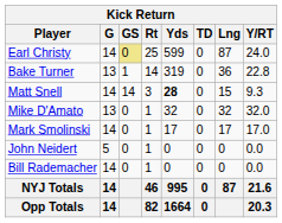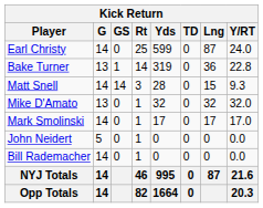 <table class="wikitable">
 <tr>
 <th colspan="8">Kick Return</th>
 </tr>
 <tr>
 <th>Player</th>
 <th>G</th>
 <th>GS</th>
 <th>Rt</th>
 <th>Yds</th>
 <th>TD</th>
 <th>Lng</th>
 <th>Y/RT</th>
 </tr>
 <tr>
 <td><a href='#'>Earl Christy</a></td>
 <td>14</td>
-<td style="background: khaki;">0</td>
+<td>0</td>
 <td>25</td>
 <td>599</td>
 <td>0</td>
 <td>87</td>
 <td>24.0</td>
 </tr>
 <tr>
 <td><a href='#'>Bake Turner</a></td>
 <td>13</td>
 <td>1</td>
 <td>14</td>
 <td>319</td>
 <td>0</td>
 <td>36</td>
 <td>22.8</td>
 </tr>
 <tr>
 <td><a href='#'>Matt Snell</a></td>
 <td>14</td>
 <td>14</td>
 <td>3</td>
-<td><strong>28</strong></td>
+<td>28</td>
 <td>0</td>
 <td>15</td>
 <td>9.3</td>
 </tr>
 <tr>
 <td><a href='#'>Mike D'Amato</a></td>
 <td>13</td>
 <td>0</td>
 <td>1</td>
 <td>32</td>
 <td>0</td>
 <td>32</td>
 <td>32.0</td>
 </tr>
 <tr>
 <td><a href='#'>Mark Smolinski</a></td>
 <td>14</td>
 <td>0</td>
 <td>1</td>
 <td>17</td>
 <td>0</td>
 <td>17</td>
 <td>17.0</td>
 </tr>
 <tr>
 <td><a href='#'>John Neidert</a></td>
 <td>5</td>
 <td>0</td>
 <td>1</td>
 <td>0</td>
 <td>0</td>
 <td>0</td>
 <td>0.0</td>
 </tr>
 <tr>
 <td><a href='#'>Bill Rademacher</a></td>
 <td>14</td>
 <td>0</td>
 <td>1</td>
 <td>0</td>
 <td>0</td>
 <td>0</td>
 <td>0.0</td>
 </tr>
 <tr>
 <th><strong>NYJ Totals</strong></th>
 <th>14</th>
 <th></th>
 <th>46</th>
 <th>995</th>
 <th>0</th>
 <th>87</th>
 <th>21.6</th>
 </tr>
 <tr>
 <th><strong>Opp Totals</strong></th>
 <th>14</th>
 <th></th>
 <th>82</th>
 <th>1664</th>
 <th>0</th>
 <th></th>
 <th>20.3</th>
 </tr>
 </table>
